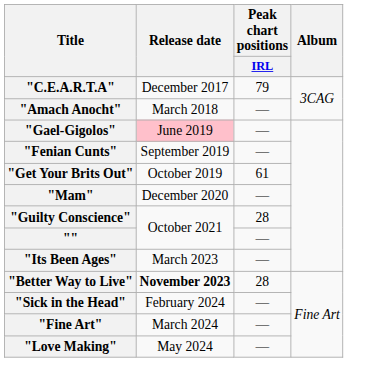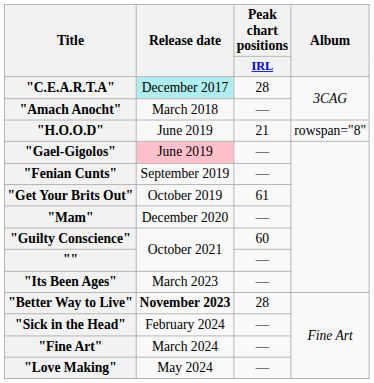 <table class="wikitable plainrowheaders" style="text-align:center">
 <tr>
 <th scope="col" rowspan="2">Title</th>
 <th scope="col" rowspan="2">Release date</th>
 <th scope="col">Peak chart positions</th>
 <th scope="col" rowspan="2">Album</th>
 </tr>
 <tr>
 <th scope="col" style="width:3em;font-size:90%"><a href='#'>IRL</a><br></th>
 </tr>
 <tr>
 <th scope="row">"C.E.A.R.T.A"</th>
-<td>December 2017</td>
-<td>79</td>
+<td style="background: paleturquoise;">December 2017</td>
+<td>28</td>
 <td rowspan="2"><em>3CAG</em></td>
 </tr>
 <tr>
 <th scope="row">"Amach Anocht"</th>
 <td>March 2018</td>
 <td>—</td>
+</tr>
+<tr>
+<th scope="row">"H.O.O.D"</th>
+<td>June 2019</td>
+<td>21</td>
+<td>rowspan="8"</td>
 </tr>
 <tr>
 <th scope="row">"Gael-Gigolos"</th>
 <td style="background: pink;">June 2019</td>
 <td>—</td>
 </tr>
 <tr>
 <th scope="row">"Fenian Cunts"</th>
 <td>September 2019</td>
 <td>—</td>
 </tr>
 <tr>
 <th scope="row">"Get Your Brits Out"</th>
 <td>October 2019</td>
 <td>61</td>
 </tr>
 <tr>
 <th scope="row">"Mam"<br></th>
 <td>December 2020</td>
 <td>—</td>
 </tr>
 <tr>
 <th scope="row">"Guilty Conscience"</th>
 <td rowspan="2">October 2021</td>
-<td>28</td>
+<td>60</td>
 </tr>
 <tr>
 <th scope="row">""</th>
 <td>—</td>
 </tr>
 <tr>
 <th scope="row">"Its Been Ages"</th>
 <td>March 2023</td>
 <td>—</td>
 </tr>
 <tr>
 <th scope="row">"Better Way to Live"<br></th>
 <td><strong>November 2023</strong></td>
 <td>28</td>
 <td rowspan="4"><em>Fine Art</em></td>
 </tr>
 <tr>
 <th scope="row">"Sick in the Head"</th>
 <td>February 2024</td>
 <td>—</td>
 </tr>
 <tr>
 <th scope="row">"Fine Art"</th>
 <td>March 2024</td>
 <td>—</td>
 </tr>
 <tr>
 <th scope="row">"Love Making"<br></th>
 <td>May 2024</td>
 <td>—</td>
 </tr>
 </table>
